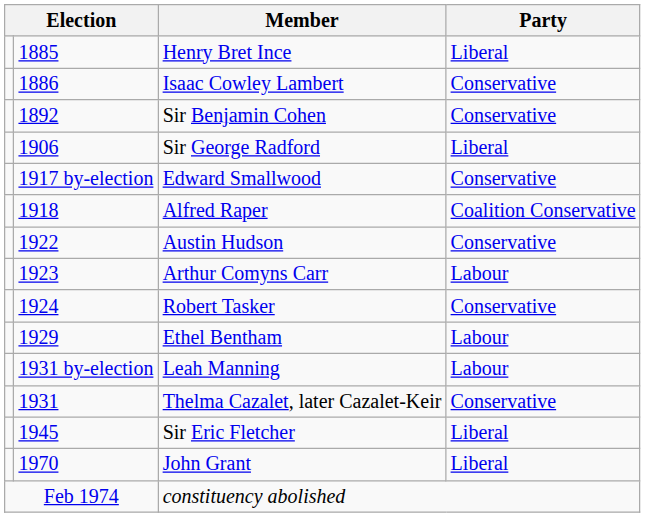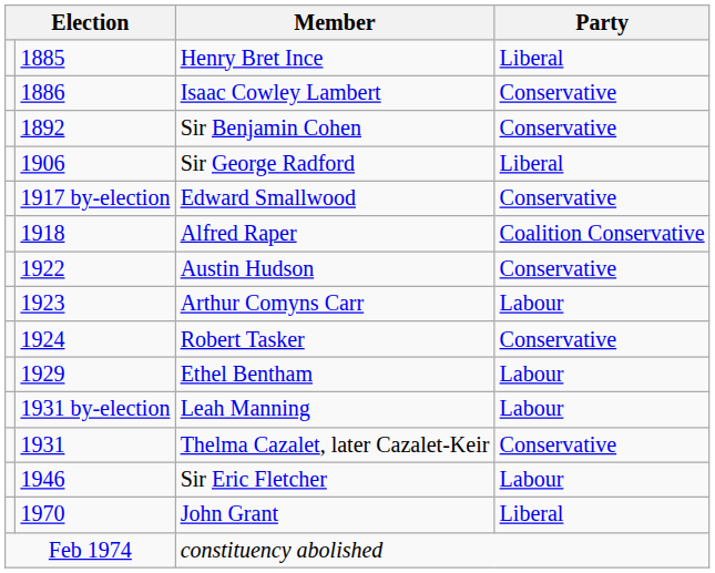 <table class="wikitable">
 <tr>
 <th colspan="2">Election</th>
 <th>Member</th>
 <th>Party</th>
 </tr>
 <tr>
 <td style="color:inherit;background-color: "></td>
 <td><a href='#'>1885</a></td>
 <td><a href='#'>Henry Bret Ince</a></td>
 <td><a href='#'>Liberal</a></td>
 </tr>
 <tr>
 <td style="color:inherit;background-color: "></td>
 <td><a href='#'>1886</a></td>
 <td><a href='#'>Isaac Cowley Lambert</a></td>
 <td><a href='#'>Conservative</a></td>
 </tr>
 <tr>
 <td style="color:inherit;background-color: "></td>
 <td><a href='#'>1892</a></td>
 <td>Sir <a href='#'>Benjamin Cohen</a></td>
 <td><a href='#'>Conservative</a></td>
 </tr>
 <tr>
 <td style="color:inherit;background-color: "></td>
 <td><a href='#'>1906</a></td>
 <td>Sir <a href='#'>George Radford</a></td>
 <td><a href='#'>Liberal</a></td>
 </tr>
 <tr>
 <td style="color:inherit;background-color: "></td>
 <td><a href='#'>1917 by-election</a></td>
 <td><a href='#'>Edward Smallwood</a></td>
 <td><a href='#'>Conservative</a></td>
 </tr>
 <tr>
 <td style="color:inherit;background-color: "></td>
 <td><a href='#'>1918</a></td>
 <td><a href='#'>Alfred Raper</a></td>
 <td><a href='#'>Coalition Conservative</a></td>
 </tr>
 <tr>
 <td style="color:inherit;background-color: "></td>
 <td><a href='#'>1922</a></td>
 <td><a href='#'>Austin Hudson</a></td>
 <td><a href='#'>Conservative</a></td>
 </tr>
 <tr>
 <td style="color:inherit;background-color: "></td>
 <td><a href='#'>1923</a></td>
 <td><a href='#'>Arthur Comyns Carr</a></td>
 <td><a href='#'>Labour</a></td>
 </tr>
 <tr>
 <td style="color:inherit;background-color: "></td>
 <td><a href='#'>1924</a></td>
 <td><a href='#'>Robert Tasker</a></td>
 <td><a href='#'>Conservative</a></td>
 </tr>
 <tr>
 <td style="color:inherit;background-color: "></td>
 <td><a href='#'>1929</a></td>
 <td><a href='#'>Ethel Bentham</a></td>
 <td><a href='#'>Labour</a></td>
 </tr>
 <tr>
 <td style="color:inherit;background-color: "></td>
 <td><a href='#'>1931 by-election</a></td>
 <td><a href='#'>Leah Manning</a></td>
 <td><a href='#'>Labour</a></td>
 </tr>
 <tr>
 <td style="color:inherit;background-color: "></td>
 <td><a href='#'>1931</a></td>
 <td><a href='#'>Thelma Cazalet</a>, later Cazalet-Keir </td>
 <td><a href='#'>Conservative</a></td>
 </tr>
 <tr>
 <td style="color:inherit;background-color: "></td>
-<td><a href='#'>1945</a></td>
+<td><a href='#'>1946</a></td>
 <td>Sir <a href='#'>Eric Fletcher</a></td>
-<td><a href='#'>Liberal</a></td>
+<td><a href='#'>Labour</a></td>
 </tr>
 <tr>
 <td style="color:inherit;background-color: "></td>
 <td><a href='#'>1970</a></td>
 <td><a href='#'>John Grant</a></td>
 <td><a href='#'>Liberal</a></td>
 </tr>
 <tr>
 <td colspan="2" align="center"><a href='#'>Feb 1974</a></td>
 <td colspan="2"><em>constituency abolished</em></td>
 </tr>
 </table>
